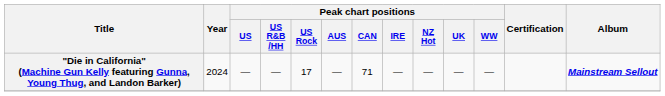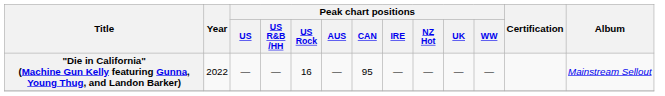 <table class="wikitable plainrowheaders" style="text-align:center;">
 <tr>
 <th scope="col" rowspan="2" style="width:20em;">Title</th>
 <th scope="col" rowspan="2">Year</th>
 <th scope="col" colspan="9">Peak chart positions</th>
 <th scope="col" rowspan="2">Certification</th>
 <th scope="col" rowspan="2">Album</th>
 </tr>
 <tr>
 <th style="width:3em;font-size:90%;"><a href='#'>US</a><br></th>
 <th style="width:3em;font-size:90%;"><a href='#'>US<br>R&B<br>/HH</a><br></th>
 <th style="width:3em;font-size:90%;"><a href='#'>US<br>Rock</a><br></th>
 <th style="width:3em;font-size:90%;"><a href='#'>AUS</a><br></th>
 <th style="width:3em;font-size:90%;"><a href='#'>CAN</a><br></th>
 <th style="width:3em;font-size:90%;"><a href='#'>IRE</a><br></th>
 <th style="width:3em;font-size:90%;"><a href='#'>NZ<br>Hot</a><br></th>
 <th style="width:3em;font-size:90%;"><a href='#'>UK</a><br></th>
 <th style="width:3em;font-size:90%;"><a href='#'>WW</a><br></th>
 </tr>
 <tr>
 <th scope="row">"Die in California" <br><span>(<a href='#'>Machine Gun Kelly</a> featuring <a href='#'>Gunna</a>, <a href='#'>Young Thug</a>, and Landon Barker)</span></th>
-<td>2024</td>
+<td>2022</td>
 <td>—</td>
 <td>—</td>
-<td>17</td>
+<td>16</td>
 <td>—</td>
-<td>71</td>
+<td>95</td>
 <td>—</td>
 <td>—</td>
 <td>—</td>
 <td>—</td>
 <td></td>
-<td><strong><em><a href='#'>Mainstream Sellout</a></em></strong></td>
+<td><em><a href='#'>Mainstream Sellout</a></em></td>
 </tr>
 <tr>
 </tr>
 </table>
